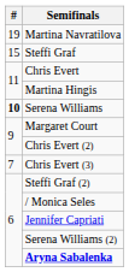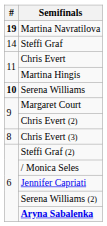 <table class=wikitable style="display:inline-table;">
 <tr>
 <th>#</th>
 <th>Semifinals</th>
 </tr>
 <tr>
-<td>19</td>
+<td><strong>19</strong></td>
 <td> Martina Navratilova</td>
 </tr>
 <tr>
-<td>15</td>
+<td>14</td>
 <td> Steffi Graf</td>
 </tr>
 <tr>
 <td rowspan=2>11</td>
 <td> Chris Evert</td>
 </tr>
 <tr>
 <td> Martina Hingis</td>
 </tr>
 <tr>
 <td><strong>10</strong></td>
 <td> Serena Williams</td>
 </tr>
 <tr>
 <td rowspan=2>9</td>
 <td> Margaret Court</td>
 </tr>
 <tr>
 <td> Chris Evert <small>(2)</small></td>
 </tr>
 <tr>
-<td>7</td>
+<td>8</td>
 <td> Chris Evert <small>(3)</small></td>
 </tr>
 <tr>
 <td rowspan=5>6</td>
 <td> Steffi Graf <small>(2)</small></td>
 </tr>
 <tr>
 <td>/ Monica Seles</td>
 </tr>
 <tr>
 <td> <a href='#'>Jennifer Capriati</a></td>
 </tr>
 <tr>
 <td> Serena Williams <small>(2)</small></td>
 </tr>
 <tr>
 <td> <strong><a href='#'>Aryna Sabalenka</a></strong></td>
 </tr>
 </table>
